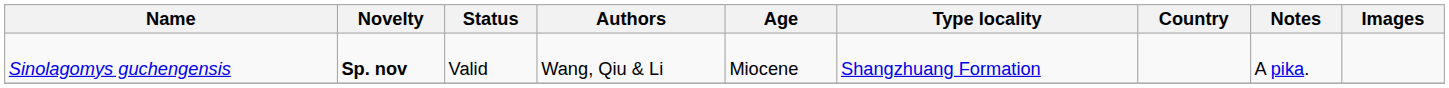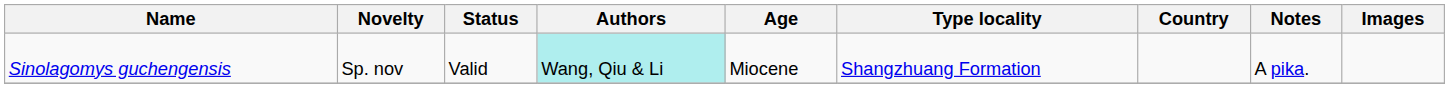 <table class="wikitable sortable" align="center" width="100%">
 <tr>
 <th>Name</th>
 <th>Novelty</th>
 <th>Status</th>
 <th>Authors</th>
 <th>Age</th>
 <th>Type locality</th>
 <th>Country</th>
 <th>Notes</th>
 <th>Images</th>
 </tr>
 <tr>
 <td><br><em><a href='#'>Sinolagomys guchengensis</a></em></td>
-<td><strong><br>Sp. nov</strong></td>
+<td><br>Sp. nov</td>
 <td><br>Valid</td>
-<td><br>Wang, Qiu & Li</td>
+<td style="background: paleturquoise;"><br>Wang, Qiu & Li</td>
 <td><br>Miocene</td>
 <td><br><a href='#'>Shangzhuang Formation</a></td>
 <td><br></td>
 <td><br>A <a href='#'>pika</a>.</td>
 <td></td>
 </tr>
 <tr>
 </tr>
 </table>
